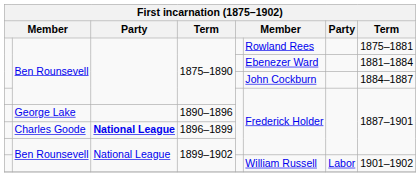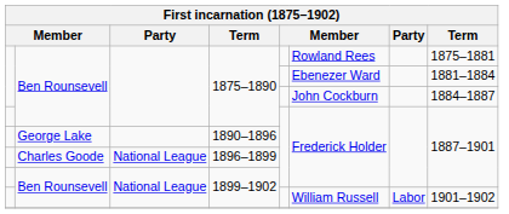 <table class="wikitable">
 <tr>
 <th colspan=8>First incarnation (1875–1902)</th>
 </tr>
 <tr>
 <th colspan=2>Member</th>
 <th>Party</th>
 <th>Term</th>
 <th colspan=2>Member</th>
 <th>Party</th>
 <th>Term</th>
 </tr>
 <tr>
 <td rowspan=3 > </td>
 <td rowspan=4><a href='#'>Ben Rounsevell</a></td>
 <td rowspan=4></td>
 <td rowspan=4>1875–1890</td>
 <td> </td>
 <td><a href='#'>Rowland Rees</a></td>
 <td></td>
 <td>1875–1881</td>
 </tr>
 <tr>
 <td> </td>
 <td><a href='#'>Ebenezer Ward</a></td>
 <td></td>
 <td>1881–1884</td>
 </tr>
 <tr>
 <td> </td>
 <td><a href='#'>John Cockburn</a></td>
 <td></td>
 <td>1884–1887</td>
 </tr>
 <tr>
 <td> </td>
 <td rowspan=4 > </td>
 <td rowspan=4><a href='#'>Frederick Holder</a></td>
 <td rowspan=4></td>
 <td rowspan=4>1887–1901</td>
 </tr>
 <tr>
 <td> </td>
 <td><a href='#'>George Lake</a></td>
 <td></td>
 <td>1890–1896</td>
 </tr>
 <tr>
 <td> </td>
 <td><a href='#'>Charles Goode</a></td>
-<td><strong><a href='#'>National League</a></strong></td>
+<td><a href='#'>National League</a></td>
 <td>1896–1899</td>
 </tr>
 <tr>
 <td> </td>
 <td rowspan=2><a href='#'>Ben Rounsevell</a></td>
 <td rowspan=2><a href='#'>National League</a></td>
 <td rowspan=2>1899–1902</td>
 </tr>
 <tr>
 <td> </td>
 <td> </td>
 <td><a href='#'>William Russell</a></td>
 <td><a href='#'>Labor</a></td>
 <td>1901–1902</td>
 </tr>
 <tr>
 </tr>
 </table>
